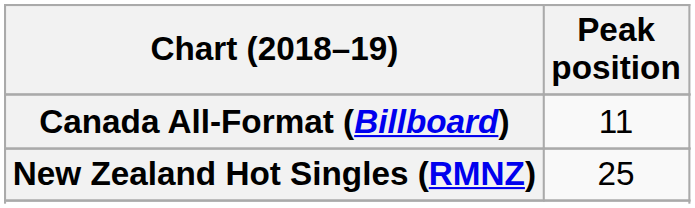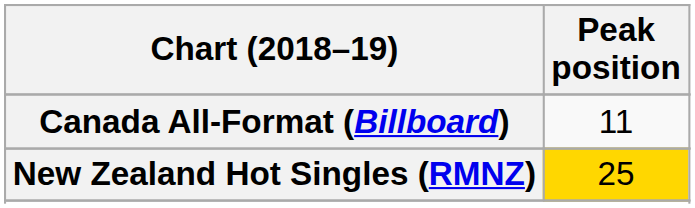 <table class="wikitable sortable plainrowheaders" style="text-align:center">
 <tr>
 <th scope="col">Chart (2018–19)</th>
 <th scope="col">Peak<br>position</th>
 </tr>
 <tr>
 </tr>
 <tr>
 </tr>
 <tr>
 <th scope="row">Canada All-Format (<em><a href='#'>Billboard</a></em>)</th>
 <td>11</td>
 </tr>
 <tr>
 </tr>
 <tr>
 </tr>
 <tr>
 <th scope="row">New Zealand Hot Singles (<a href='#'>RMNZ</a>)</th>
-<td>25</td>
+<td style="background: gold;">25</td>
 </tr>
 <tr>
 </tr>
 <tr>
 </tr>
 <tr>
 </tr>
 <tr>
 </tr>
 </table>
